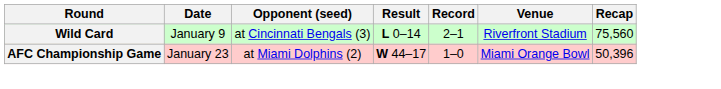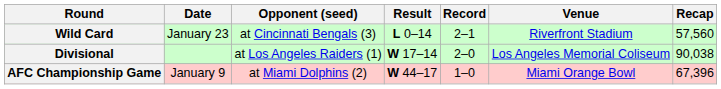 <table class="wikitable" style="text-align:center">
 <tr>
 <th>Round</th>
 <th>Date</th>
 <th>Opponent (seed)</th>
 <th>Result</th>
 <th>Record</th>
 <th>Venue</th>
 <th>Recap</th>
 </tr>
 <tr style="background:#cfc">
 <th>Wild Card</th>
-<td>January 9</td>
+<td>January 23</td>
 <td>at <a href='#'>Cincinnati Bengals</a> (3)</td>
 <td><strong>L</strong> 0–14</td>
 <td>2–1</td>
 <td><a href='#'>Riverfront Stadium</a></td>
-<td>75,560</td>
+<td>57,560</td>
+</tr>
+<tr style="background:#cfc">
+<th>Divisional</th>
+<td></td>
+<td>at <a href='#'>Los Angeles Raiders</a> (1)</td>
+<td><strong>W</strong> 17–14</td>
+<td>2–0</td>
+<td><a href='#'>Los Angeles Memorial Coliseum</a></td>
+<td>90,038</td>
 </tr>
 <tr style="background:#fcc">
 <th>AFC Championship Game</th>
-<td>January 23</td>
+<td>January 9</td>
 <td>at <a href='#'>Miami Dolphins</a> (2)</td>
 <td><strong>W</strong> 44–17</td>
 <td>1–0</td>
 <td><a href='#'>Miami Orange Bowl</a></td>
-<td>50,396</td>
+<td>67,396</td>
 </tr>
 </table>
